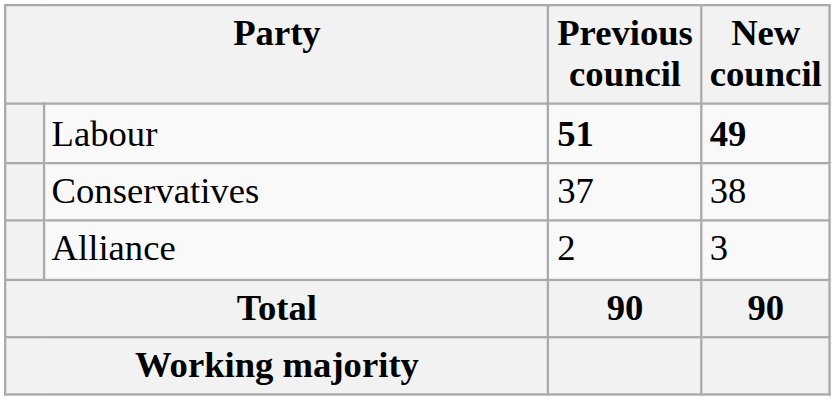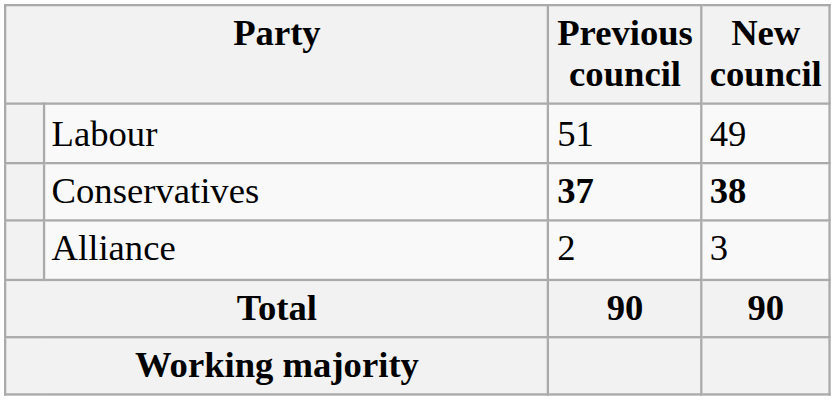 <table class="wikitable">
 <tr>
 <th valign=top colspan="2" style="width: 230px">Party</th>
 <th valign=top style="width: 30px">Previous council</th>
 <th valign=top style="width: 30px">New council</th>
 </tr>
 <tr>
 <th style="background-color: "></th>
 <td>Labour</td>
-<td><strong>51</strong></td>
-<td><strong>49</strong></td>
+<td>51</td>
+<td>49</td>
 </tr>
 <tr>
 <th style="background-color: "></th>
 <td>Conservatives</td>
-<td>37</td>
-<td>38</td>
+<td><strong>37</strong></td>
+<td><strong>38</strong></td>
 </tr>
 <tr>
 <th style="background-color: "></th>
 <td>Alliance</td>
 <td>2</td>
 <td>3</td>
 </tr>
 <tr>
 <th colspan=2>Total</th>
 <th style="text-align: center">90</th>
 <th colspan=3>90</th>
 </tr>
 <tr>
 <th colspan=2>Working majority</th>
 <th></th>
 <th></th>
 </tr>
 </table>
